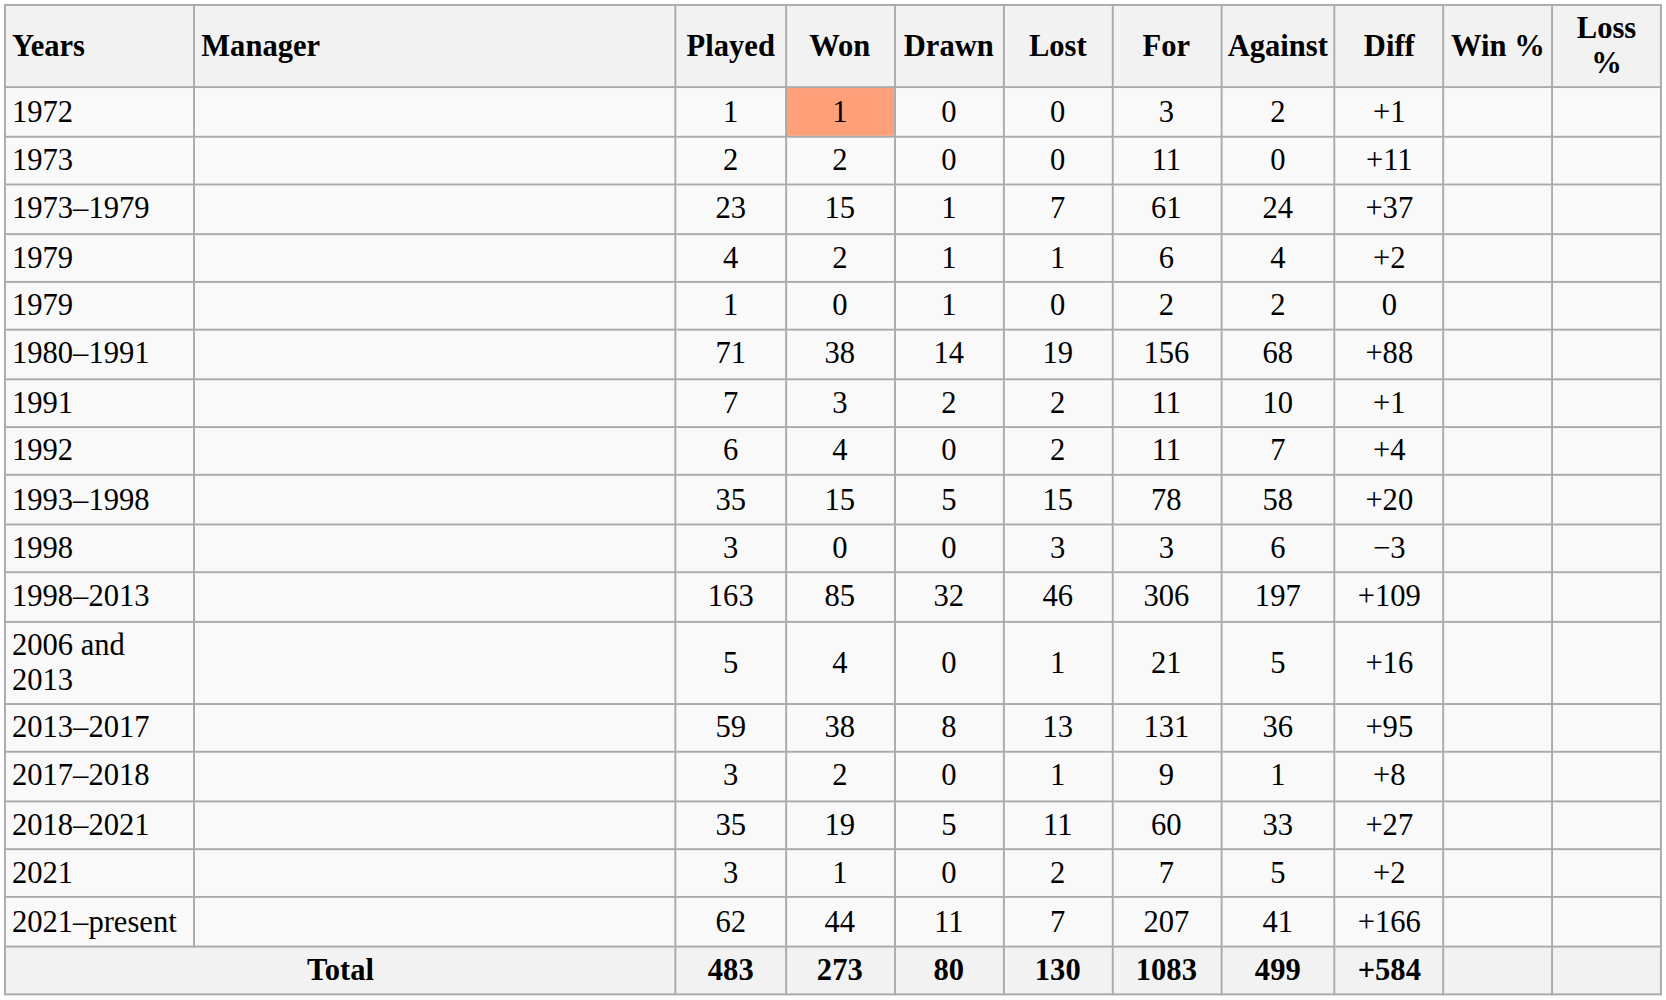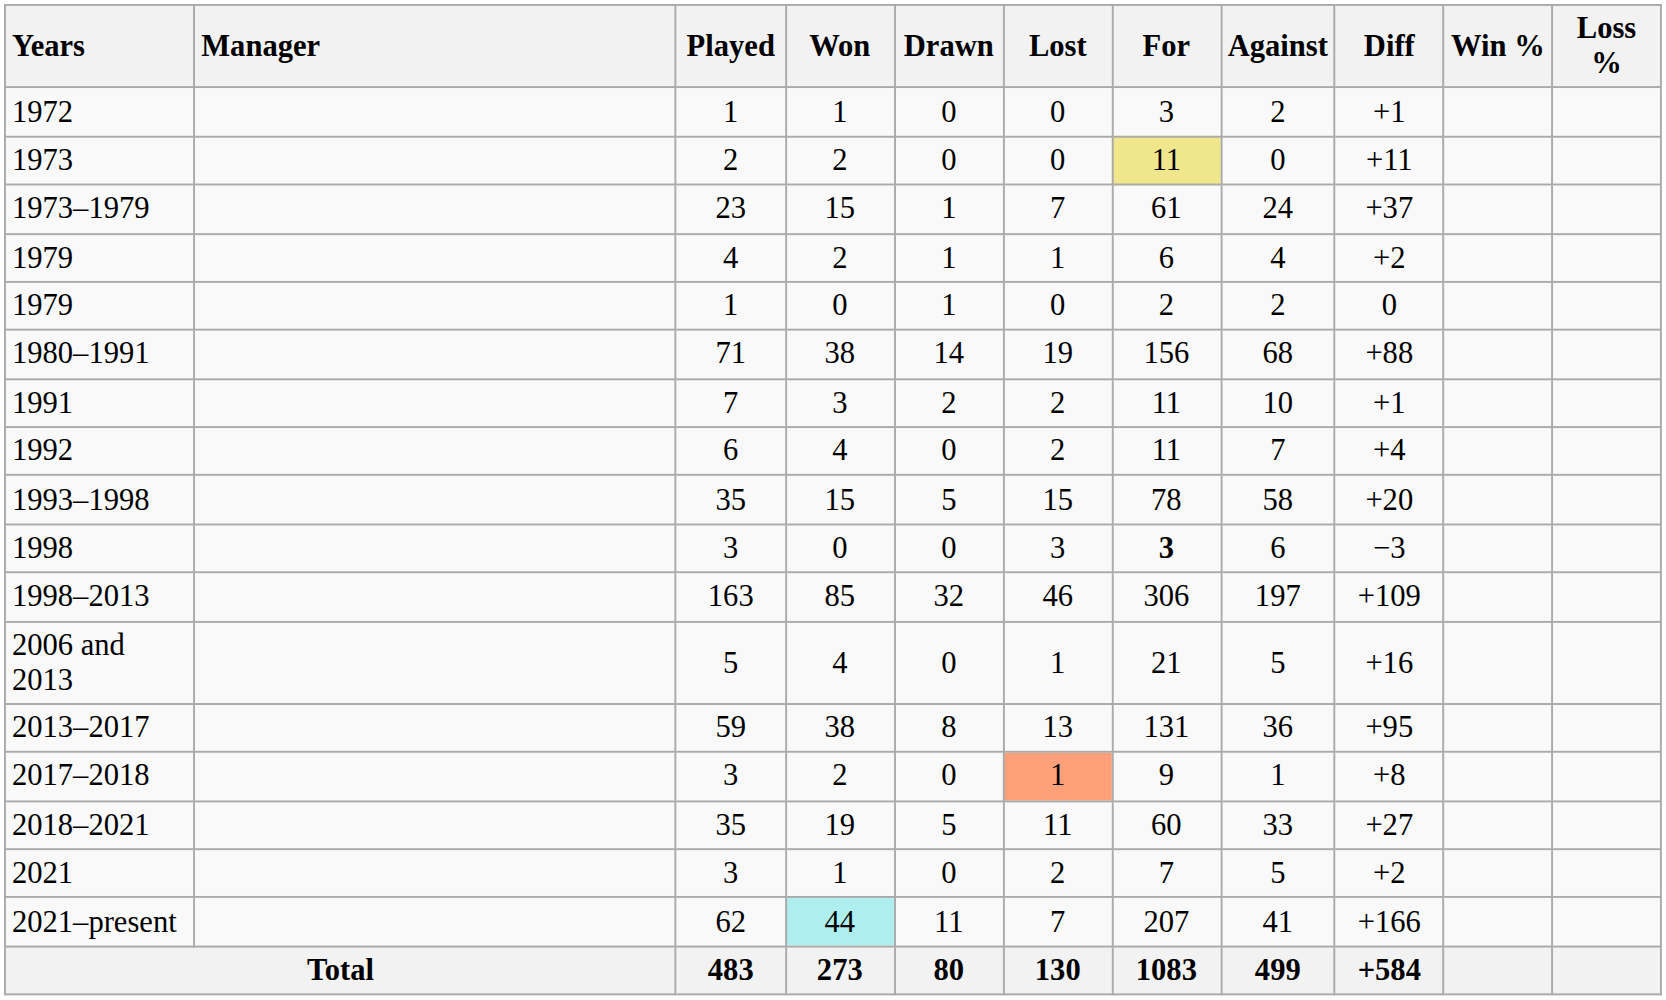 <table class="wikitable sortable" style="text-align:center;">
 <tr>
 <th style="width:93px; text-align:left;">Years</th>
 <th style="width:250px; text-align:left;">Manager</th>
 <th style="width:50px;">Played</th>
 <th style="width:50px;">Won</th>
 <th style="width:50px;">Drawn</th>
 <th style="width:50px;">Lost</th>
 <th style="width:50px;">For</th>
 <th style="width:50px;">Against</th>
 <th style="width:50px;">Diff</th>
 <th style="width:50px;">Win %</th>
 <th style="width:50px;">Loss %</th>
 </tr>
 <tr>
 <td style="text-align:left;">1972</td>
 <td align="left"> </td>
 <td>1</td>
-<td style="background: lightsalmon;">1</td>
+<td>1</td>
 <td>0</td>
 <td>0</td>
 <td>3</td>
 <td>2</td>
 <td>+1</td>
 <td></td>
 <td></td>
 </tr>
 <tr>
 <td style="text-align:left;">1973</td>
 <td align="left"> </td>
 <td>2</td>
 <td>2</td>
 <td>0</td>
 <td>0</td>
-<td>11</td>
+<td style="background: khaki;">11</td>
 <td>0</td>
 <td>+11</td>
 <td></td>
 <td></td>
 </tr>
 <tr>
 <td style="text-align:left;">1973–1979</td>
 <td align="left"> </td>
 <td>23</td>
 <td>15</td>
 <td>1</td>
 <td>7</td>
 <td>61</td>
 <td>24</td>
 <td>+37</td>
 <td></td>
 <td></td>
 </tr>
 <tr>
 <td style="text-align:left;">1979</td>
 <td align="left"> </td>
 <td>4</td>
 <td>2</td>
 <td>1</td>
 <td>1</td>
 <td>6</td>
 <td>4</td>
 <td>+2</td>
 <td></td>
 <td></td>
 </tr>
 <tr>
 <td style="text-align:left;">1979</td>
 <td align="left"> </td>
 <td>1</td>
 <td>0</td>
 <td>1</td>
 <td>0</td>
 <td>2</td>
 <td>2</td>
 <td>0</td>
 <td></td>
 <td></td>
 </tr>
 <tr>
 <td style="text-align:left;">1980–1991</td>
 <td align="left"> </td>
 <td>71</td>
 <td>38</td>
 <td>14</td>
 <td>19</td>
 <td>156</td>
 <td>68</td>
 <td>+88</td>
 <td></td>
 <td></td>
 </tr>
 <tr>
 <td style="text-align:left;">1991</td>
 <td align="left"> </td>
 <td>7</td>
 <td>3</td>
 <td>2</td>
 <td>2</td>
 <td>11</td>
 <td>10</td>
 <td>+1</td>
 <td></td>
 <td></td>
 </tr>
 <tr>
 <td style="text-align:left;">1992</td>
 <td align="left"> </td>
 <td>6</td>
 <td>4</td>
 <td>0</td>
 <td>2</td>
 <td>11</td>
 <td>7</td>
 <td>+4</td>
 <td></td>
 <td></td>
 </tr>
 <tr>
 <td style="text-align:left;">1993–1998</td>
 <td align="left"> </td>
 <td>35</td>
 <td>15</td>
 <td>5</td>
 <td>15</td>
 <td>78</td>
 <td>58</td>
 <td>+20</td>
 <td></td>
 <td></td>
 </tr>
 <tr>
 <td style="text-align:left;">1998</td>
 <td align="left"> </td>
 <td>3</td>
 <td>0</td>
 <td>0</td>
 <td>3</td>
-<td>3</td>
+<td><strong>3</strong></td>
 <td>6</td>
 <td>−3</td>
 <td></td>
 <td></td>
 </tr>
 <tr>
 <td style="text-align:left;">1998–2013</td>
 <td align="left"> </td>
 <td>163</td>
 <td>85</td>
 <td>32</td>
 <td>46</td>
 <td>306</td>
 <td>197</td>
 <td>+109</td>
 <td></td>
 <td></td>
 </tr>
 <tr>
 <td style="text-align:left;">2006 and 2013</td>
 <td align="left"> </td>
 <td>5</td>
 <td>4</td>
 <td>0</td>
 <td>1</td>
 <td>21</td>
 <td>5</td>
 <td>+16</td>
 <td></td>
 <td></td>
 </tr>
 <tr>
 <td style="text-align:left;">2013–2017</td>
 <td align="left"> </td>
 <td>59</td>
 <td>38</td>
 <td>8</td>
 <td>13</td>
 <td>131</td>
 <td>36</td>
 <td>+95</td>
 <td></td>
 <td></td>
 </tr>
 <tr>
 <td style="text-align:left;">2017–2018</td>
 <td align="left"> </td>
 <td>3</td>
 <td>2</td>
 <td>0</td>
-<td>1</td>
+<td style="background: lightsalmon;">1</td>
 <td>9</td>
 <td>1</td>
 <td>+8</td>
 <td></td>
 <td></td>
 </tr>
 <tr>
 <td style="text-align:left;">2018–2021</td>
 <td align="left"> </td>
 <td>35</td>
 <td>19</td>
 <td>5</td>
 <td>11</td>
 <td>60</td>
 <td>33</td>
 <td>+27</td>
 <td></td>
 <td></td>
 </tr>
 <tr>
 <td style="text-align:left;">2021</td>
 <td align="left"> </td>
 <td>3</td>
 <td>1</td>
 <td>0</td>
 <td>2</td>
 <td>7</td>
 <td>5</td>
 <td>+2</td>
 <td></td>
 <td></td>
 </tr>
 <tr>
 <td style="text-align:left;">2021–present</td>
 <td align="left"> </td>
 <td>62</td>
-<td>44</td>
+<td style="background: paleturquoise;">44</td>
 <td>11</td>
 <td>7</td>
 <td>207</td>
 <td>41</td>
 <td>+166</td>
 <td></td>
 <td></td>
 </tr>
 <tr>
 <th align="left" colspan="2">Total</th>
 <th>483</th>
 <th>273</th>
 <th>80</th>
 <th>130</th>
 <th>1083</th>
 <th>499</th>
 <th>+584</th>
 <th></th>
 <th></th>
 </tr>
 </table>
